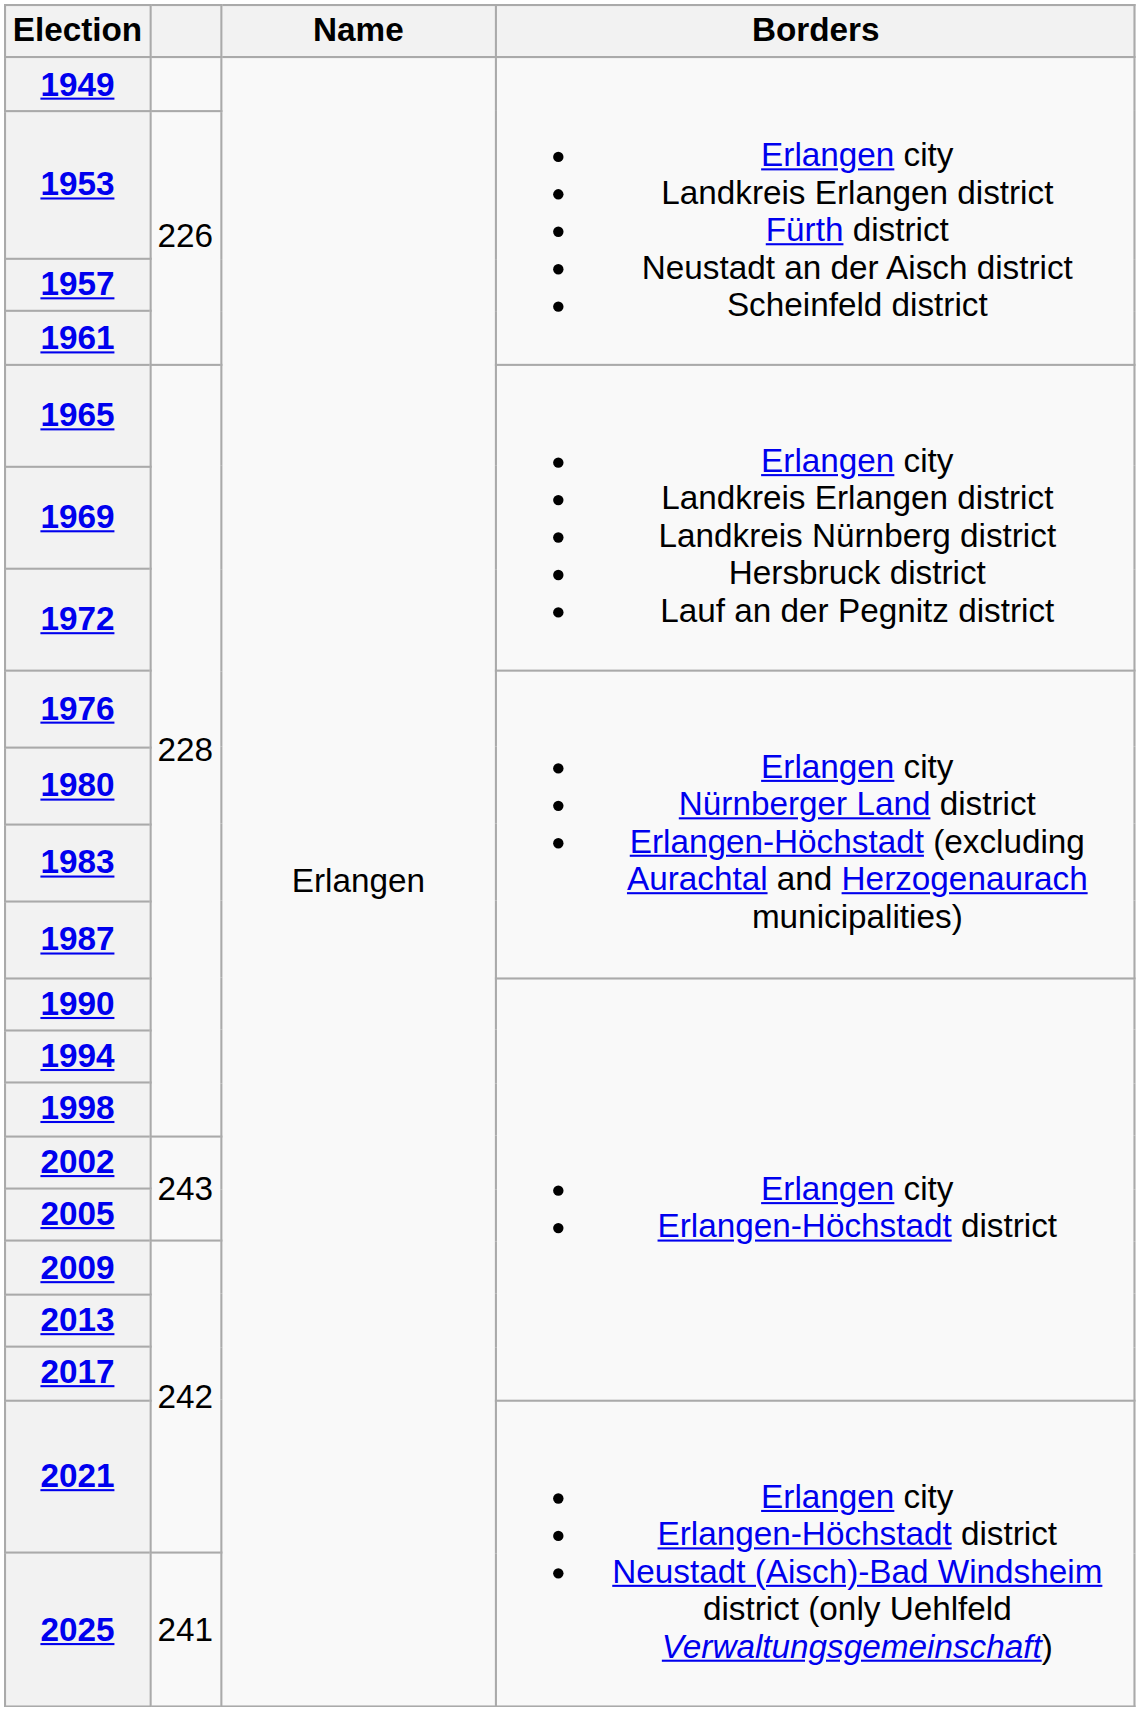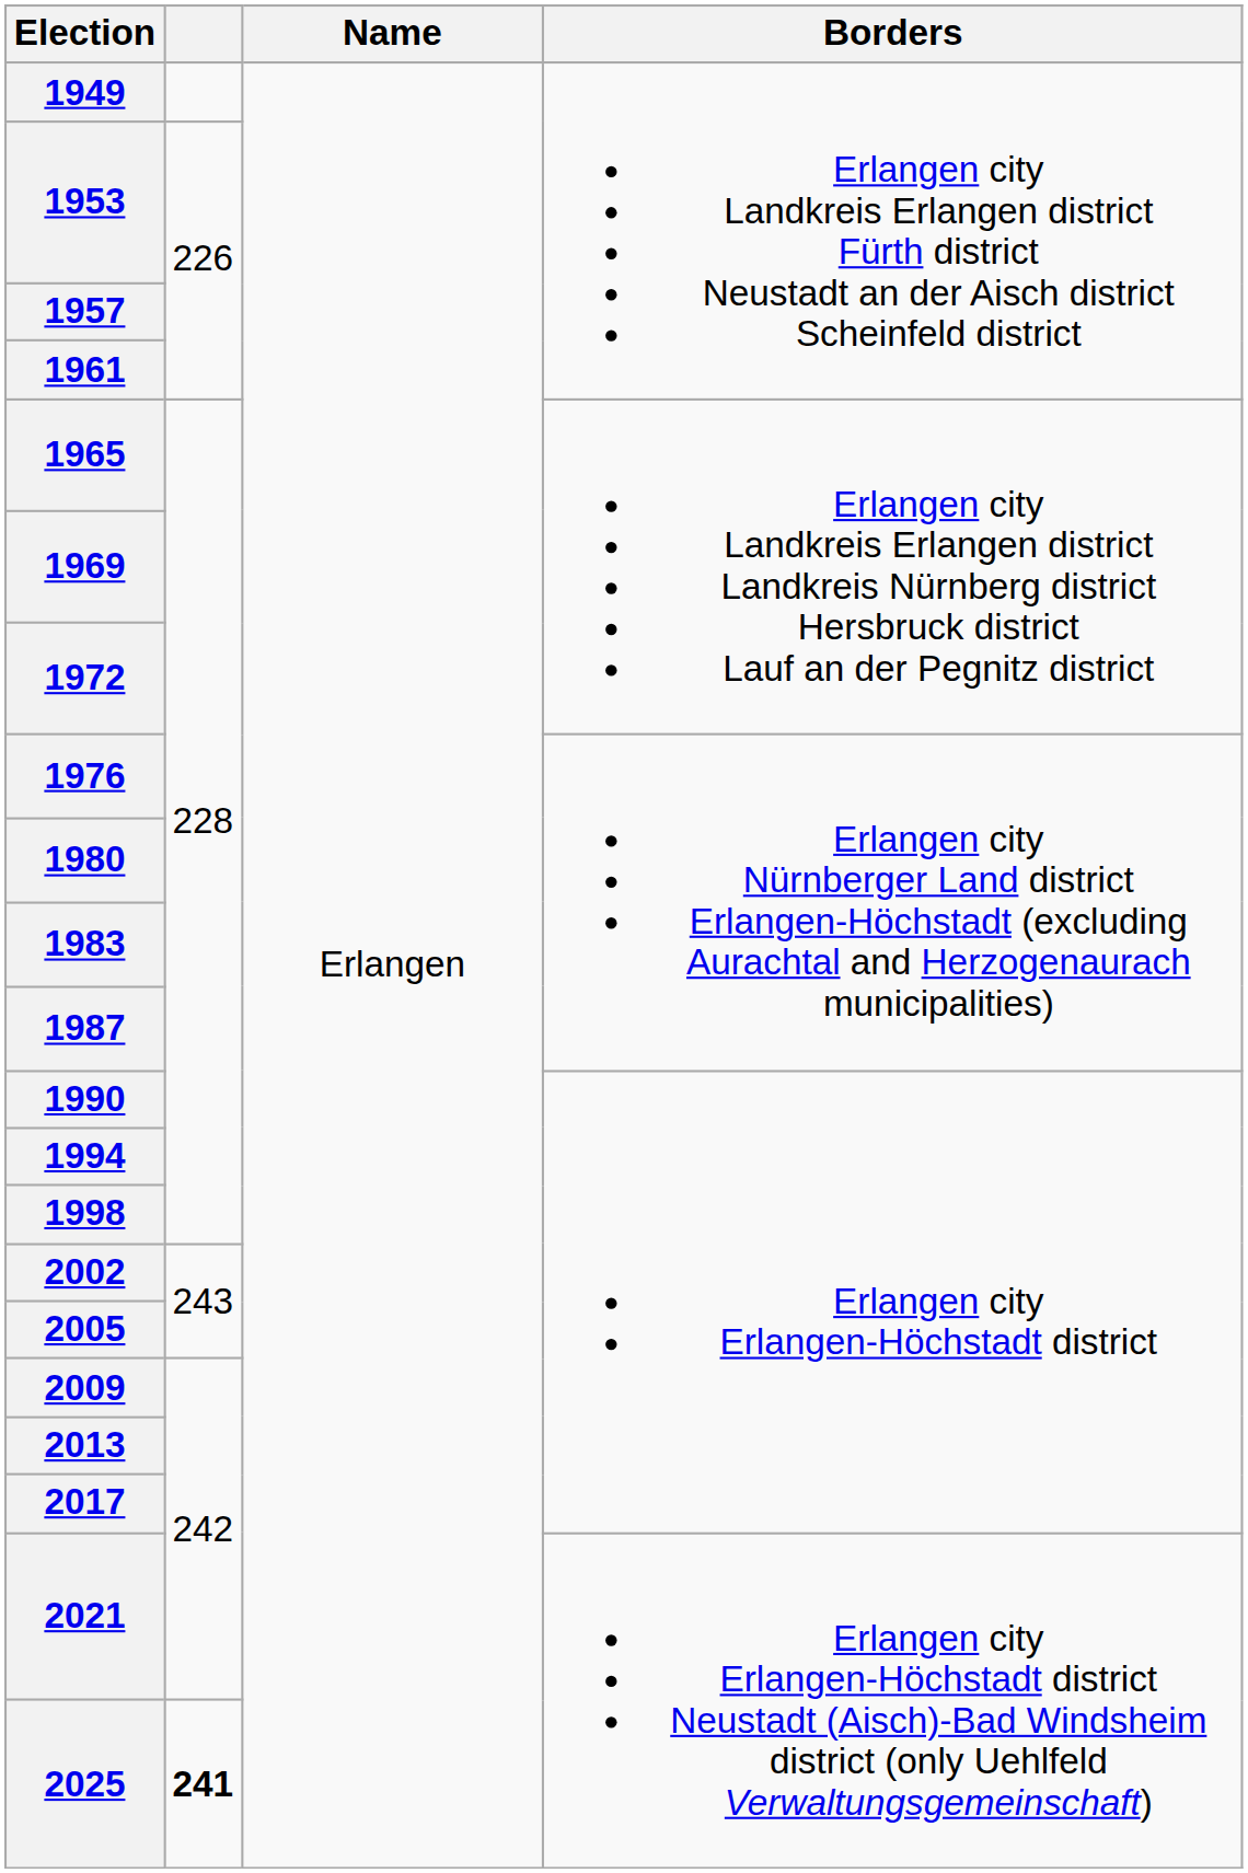 <table class=wikitable style="text-align:center">
 <tr>
 <th>Election</th>
 <th></th>
 <th width=125px>Name</th>
 <th width=300px>Borders</th>
 </tr>
 <tr>
 <th><a href='#'>1949</a></th>
 <td></td>
 <td rowspan=21>Erlangen</td>
 <td rowspan=4><br><ul><li><a href='#'>Erlangen</a> city</li><li>Landkreis Erlangen district</li><li><a href='#'>Fürth</a> district</li><li>Neustadt an der Aisch district</li><li>Scheinfeld district</li></ul></td>
 </tr>
 <tr>
 <th><a href='#'>1953</a></th>
 <td rowspan=3>226</td>
 </tr>
 <tr>
 <th><a href='#'>1957</a></th>
 </tr>
 <tr>
 <th><a href='#'>1961</a></th>
 </tr>
 <tr>
 <th><a href='#'>1965</a></th>
 <td rowspan=10>228</td>
 <td rowspan=3><br><ul><li><a href='#'>Erlangen</a> city</li><li>Landkreis Erlangen district</li><li>Landkreis Nürnberg district</li><li>Hersbruck district</li><li>Lauf an der Pegnitz district</li></ul></td>
 </tr>
 <tr>
 <th><a href='#'>1969</a></th>
 </tr>
 <tr>
 <th><a href='#'>1972</a></th>
 </tr>
 <tr>
 <th><a href='#'>1976</a></th>
 <td rowspan=4><br><ul><li><a href='#'>Erlangen</a> city</li><li><a href='#'>Nürnberger Land</a> district</li><li><a href='#'>Erlangen-Höchstadt</a> (excluding <a href='#'>Aurachtal</a> and <a href='#'>Herzogenaurach</a> municipalities)</li></ul></td>
 </tr>
 <tr>
 <th><a href='#'>1980</a></th>
 </tr>
 <tr>
 <th><a href='#'>1983</a></th>
 </tr>
 <tr>
 <th><a href='#'>1987</a></th>
 </tr>
 <tr>
 <th><a href='#'>1990</a></th>
 <td rowspan=8><br><ul><li><a href='#'>Erlangen</a> city</li><li><a href='#'>Erlangen-Höchstadt</a> district</li></ul></td>
 </tr>
 <tr>
 <th><a href='#'>1994</a></th>
 </tr>
 <tr>
 <th><a href='#'>1998</a></th>
 </tr>
 <tr>
 <th><a href='#'>2002</a></th>
 <td rowspan=2>243</td>
 </tr>
 <tr>
 <th><a href='#'>2005</a></th>
 </tr>
 <tr>
 <th><a href='#'>2009</a></th>
 <td rowspan=4>242</td>
 </tr>
 <tr>
 <th><a href='#'>2013</a></th>
 </tr>
 <tr>
 <th><a href='#'>2017</a></th>
 </tr>
 <tr>
 <th><a href='#'>2021</a></th>
 <td rowspan=2><br><ul><li><a href='#'>Erlangen</a> city</li><li><a href='#'>Erlangen-Höchstadt</a> district</li><li><a href='#'>Neustadt (Aisch)-Bad Windsheim</a> district (only Uehlfeld <em><a href='#'>Verwaltungsgemeinschaft</a></em>)</li></ul></td>
 </tr>
 <tr>
 <th><a href='#'>2025</a></th>
-<td>241</td>
+<td><strong>241</strong></td>
 </tr>
 </table>
